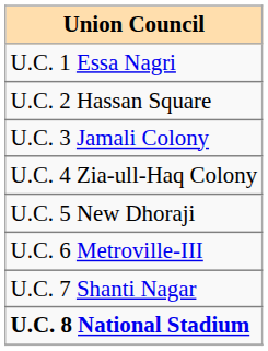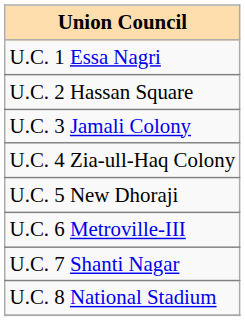 <table class="sortable wikitable" align="left" style="font-size:90%">
 <tr>
 <th style="background:#ffdead;"><strong>Union Council</strong></th>
 </tr>
 <tr>
 <td style="border-bottom:1px solid grey;">U.C. 1 <a href='#'>Essa Nagri</a></td>
 </tr>
 <tr>
 <td style="border-bottom:1px solid grey;">U.C. 2 Hassan Square</td>
 </tr>
 <tr>
 <td style="border-bottom:1px solid grey;">U.C. 3 <a href='#'>Jamali Colony</a></td>
 </tr>
 <tr>
 <td style="border-bottom:1px solid grey;">U.C. 4 Zia-ull-Haq Colony</td>
 </tr>
 <tr>
 <td style="border-bottom:1px solid grey;">U.C. 5 New Dhoraji</td>
 </tr>
 <tr>
 <td style="border-bottom:1px solid grey;">U.C. 6 <a href='#'>Metroville-III</a></td>
 </tr>
 <tr>
 <td style="border-bottom:1px solid grey;">U.C. 7 <a href='#'>Shanti Nagar</a></td>
 </tr>
 <tr>
-<td style="border-bottom:1px solid grey;"><strong>U.C. 8 <a href='#'>National Stadium</a></strong></td>
+<td style="border-bottom:1px solid grey;">U.C. 8 <a href='#'>National Stadium</a></td>
 </tr>
 <tr>
 </tr>
 </table>
